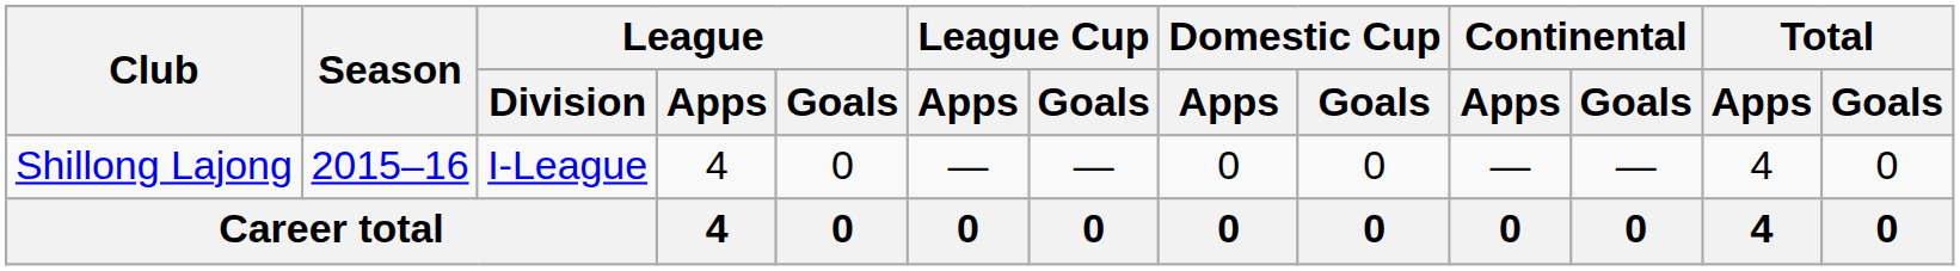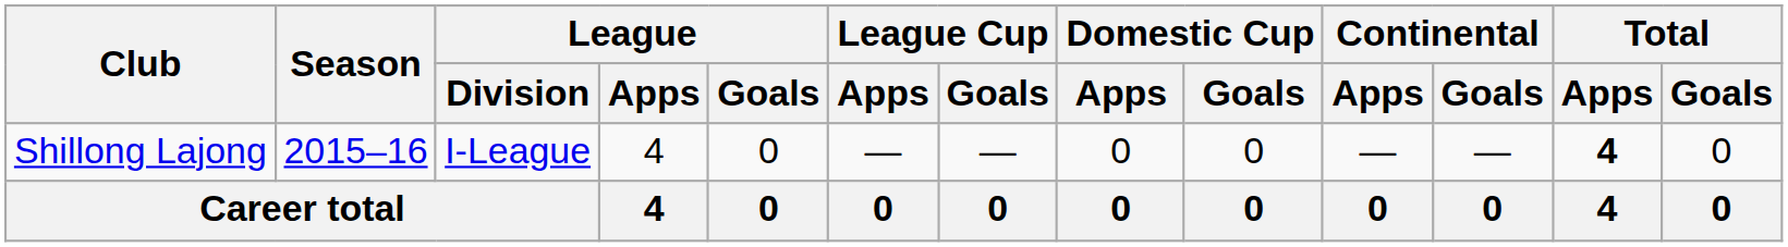 <table class="wikitable" style="text-align: center;">
 <tr>
 <th rowspan="2">Club</th>
 <th rowspan="2">Season</th>
 <th colspan="3">League</th>
 <th colspan="2">League Cup</th>
 <th colspan="2">Domestic Cup</th>
 <th colspan="2">Continental</th>
 <th colspan="2">Total</th>
 </tr>
 <tr>
 <th>Division</th>
 <th>Apps</th>
 <th>Goals</th>
 <th>Apps</th>
 <th>Goals</th>
 <th>Apps</th>
 <th>Goals</th>
 <th>Apps</th>
 <th>Goals</th>
 <th>Apps</th>
 <th>Goals</th>
 </tr>
 <tr>
 <td rowspan="1"><a href='#'>Shillong Lajong</a></td>
 <td><a href='#'>2015–16</a></td>
 <td><a href='#'>I-League</a></td>
 <td>4</td>
 <td>0</td>
 <td>—</td>
 <td>—</td>
 <td>0</td>
 <td>0</td>
 <td>—</td>
 <td>—</td>
-<td>4</td>
+<td><strong>4</strong></td>
 <td>0</td>
 </tr>
 <tr>
 <th colspan="3">Career total</th>
 <th>4</th>
 <th>0</th>
 <th>0</th>
 <th>0</th>
 <th>0</th>
 <th>0</th>
 <th>0</th>
 <th>0</th>
 <th>4</th>
 <th>0</th>
 </tr>
 </table>
